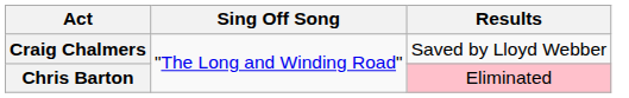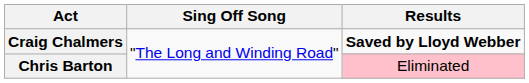 <table class="wikitable plainrowheaders" style="text-align:center;">
 <tr>
 <th scope="col">Act</th>
 <th scope="col">Sing Off Song</th>
 <th scope="col">Results</th>
 </tr>
 <tr>
 <th scope="row">Craig Chalmers</th>
 <td rowspan="2">"<a href='#'>The Long and Winding Road</a>"</td>
-<td>Saved by Lloyd Webber</td>
+<td><strong>Saved by Lloyd Webber</strong></td>
 </tr>
 <tr>
 <th scope="row">Chris Barton</th>
 <td style="background:pink;">Eliminated</td>
 </tr>
 </table>
